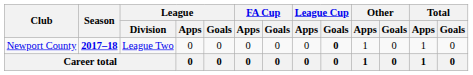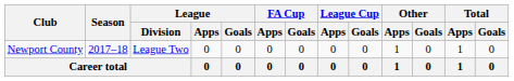 <table class="wikitable" style="text-align:center">
 <tr>
 <th rowspan="2">Club</th>
 <th rowspan="2">Season</th>
 <th colspan="3">League</th>
 <th colspan="2"><a href='#'>FA Cup</a></th>
 <th colspan="2"><a href='#'>League Cup</a></th>
 <th colspan="2">Other</th>
 <th colspan="2">Total</th>
 </tr>
 <tr>
 <th>Division</th>
 <th>Apps</th>
 <th>Goals</th>
 <th>Apps</th>
 <th>Goals</th>
 <th>Apps</th>
 <th>Goals</th>
 <th>Apps</th>
 <th>Goals</th>
 <th>Apps</th>
 <th>Goals</th>
 </tr>
 <tr>
 <td><a href='#'>Newport County</a></td>
-<td><strong><a href='#'>2017–18</a></strong></td>
+<td><a href='#'>2017–18</a></td>
 <td><a href='#'>League Two</a></td>
 <td>0</td>
 <td>0</td>
 <td>0</td>
 <td>0</td>
 <td>0</td>
-<td><strong>0</strong></td>
+<td>0</td>
 <td>1</td>
 <td>0</td>
 <td>1</td>
 <td>0</td>
 </tr>
 <tr>
 <th colspan="3">Career total</th>
 <th>0</th>
 <th>0</th>
 <th>0</th>
 <th>0</th>
 <th>0</th>
 <th>0</th>
 <th>1</th>
 <th>0</th>
 <th>1</th>
 <th>0</th>
 </tr>
 </table>
